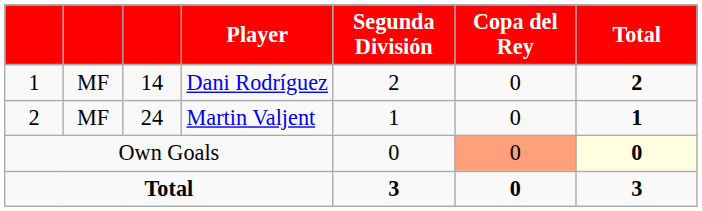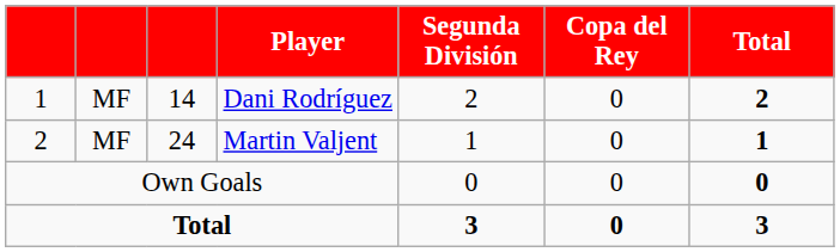 <table class="wikitable sortable" style="text-align:center">
 <tr>
 <th style="background:#FF0000; color:white; width:35px;"></th>
 <th style="background:#FF0000; color:white; width:35px;"></th>
 <th style="background:#FF0000; color:white; width:35px;"></th>
 <th style="background:#FF0000; color:white;">Player</th>
 <th style="background:#FF0000; color:white; width:80px;">Segunda División</th>
 <th style="background:#FF0000; color:white; width:80px;">Copa del Rey</th>
 <th style="background:#FF0000; color:white; width:80px;"><strong>Total</strong></th>
 </tr>
 <tr>
 <td>1</td>
 <td>MF</td>
 <td>14</td>
 <td align="left"> <a href='#'>Dani Rodríguez</a></td>
 <td>2</td>
 <td>0</td>
 <td><strong>2</strong></td>
 </tr>
 <tr>
 <td>2</td>
 <td>MF</td>
 <td>24</td>
 <td align="left"> <a href='#'>Martin Valjent</a></td>
 <td>1</td>
 <td>0</td>
 <td><strong>1</strong></td>
 </tr>
 <tr class="sortbottom">
 <td colspan="4">Own Goals</td>
 <td>0</td>
-<td style="background: lightsalmon;">0</td>
-<td style="background: lightyellow;"><strong>0</strong></td>
+<td>0</td>
+<td><strong>0</strong></td>
 </tr>
 <tr class="sortbottom">
 <td colspan="4"><strong>Total</strong></td>
 <td><strong>3</strong></td>
 <td><strong>0</strong></td>
 <td><strong>3</strong></td>
 </tr>
 </table>
